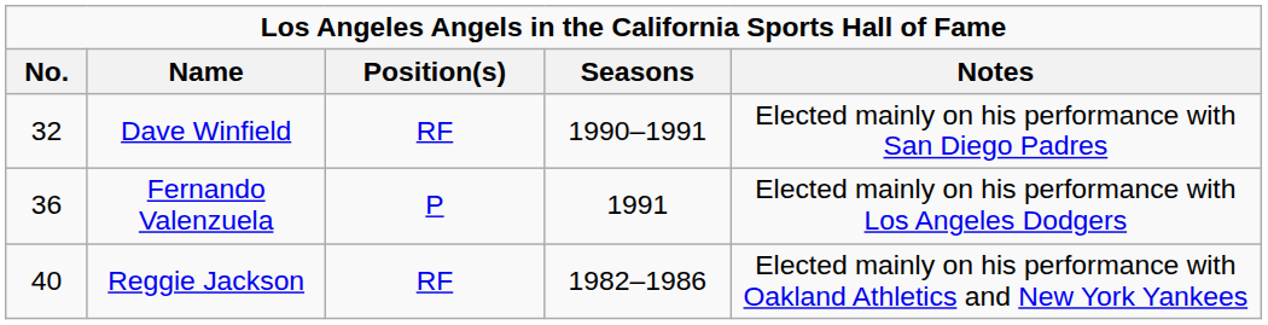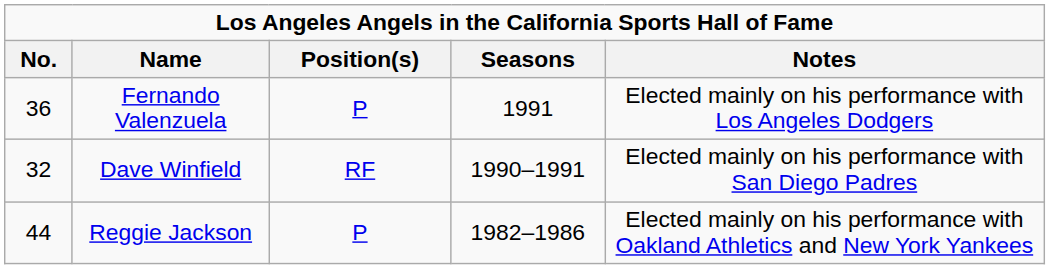 <table class="wikitable" style="text-align:center">
 <tr>
 <td colspan="5"><strong>Los Angeles Angels in the California Sports Hall of Fame</strong></td>
 </tr>
 <tr>
 <th style="width:40px; ">No.</th>
 <th style="width:130px; ">Name</th>
 <th style="width:120px; ">Position(s)</th>
 <th style="width:100px; ">Seasons</th>
 <th style="width:300px; ">Notes</th>
 </tr>
 <tr>
+<td>36</td>
+<td><a href='#'>Fernando Valenzuela</a></td>
+<td><a href='#'>P</a></td>
+<td>1991</td>
+<td>Elected mainly on his performance with <a href='#'>Los Angeles Dodgers</a></td>
+</tr>
+<tr>
 <td>32</td>
 <td><a href='#'>Dave Winfield</a></td>
 <td><a href='#'>RF</a></td>
 <td>1990–1991</td>
 <td>Elected mainly on his performance with <a href='#'>San Diego Padres</a></td>
 </tr>
 <tr>
-<td>36</td>
-<td><a href='#'>Fernando Valenzuela</a></td>
+<td>44</td>
+<td><a href='#'>Reggie Jackson</a></td>
 <td><a href='#'>P</a></td>
-<td>1991</td>
-<td>Elected mainly on his performance with <a href='#'>Los Angeles Dodgers</a></td>
-</tr>
-<tr>
-<td>40</td>
-<td><a href='#'>Reggie Jackson</a></td>
-<td><a href='#'>RF</a></td>
 <td>1982–1986</td>
 <td>Elected mainly on his performance with <a href='#'>Oakland Athletics</a> and <a href='#'>New York Yankees</a></td>
 </tr>
 </table>
